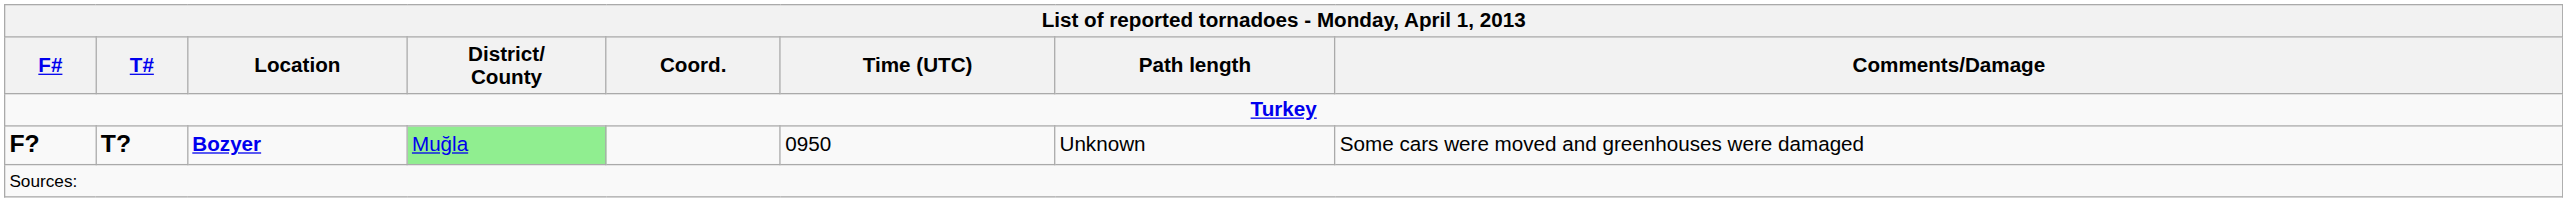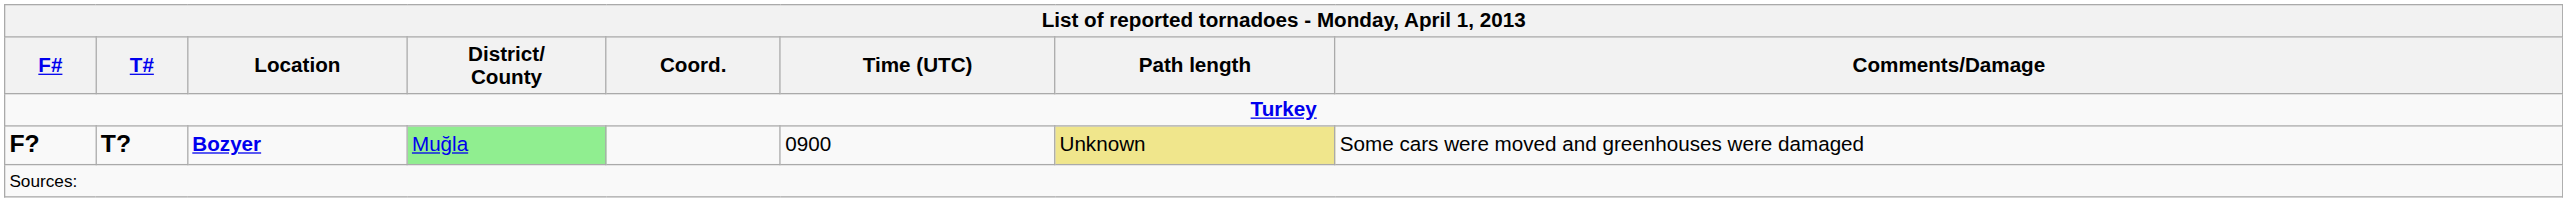 <table class="wikitable collapsible" width="100%">
 <tr>
 <th colspan="8">List of reported tornadoes - Monday, April 1, 2013</th>
 </tr>
 <tr>
 <th><a href='#'>F#</a></th>
 <th><a href='#'>T#</a></th>
 <th>Location</th>
 <th>District/<br>County</th>
 <th>Coord.</th>
 <th>Time (UTC)</th>
 <th>Path length</th>
 <th>Comments/Damage</th>
 </tr>
 <tr>
 <td colspan="8" align=center><strong><a href='#'>Turkey</a></strong></td>
 </tr>
 <tr>
 <td><big><strong>F?</strong></big></td>
 <td><big><strong>T?</strong></big></td>
 <td><strong><a href='#'>Bozyer</a></strong></td>
 <td style="background: lightgreen;"><a href='#'>Muğla</a></td>
 <td></td>
-<td>0950</td>
-<td>Unknown</td>
+<td>0900</td>
+<td style="background: khaki;">Unknown</td>
 <td>Some cars were moved and greenhouses were damaged</td>
 </tr>
 <tr>
 <td colspan="8"><small>Sources:  </small></td>
 </tr>
 </table>
